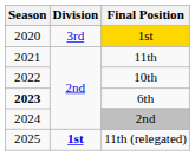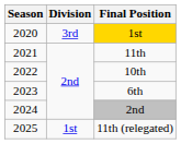 <table class="wikitable sortable">
 <tr>
 <th>Season</th>
 <th>Division</th>
 <th>Final Position</th>
 </tr>
 <tr>
 <td align=center>2020</td>
 <td align=center><a href='#'>3rd</a></td>
 <td align=center style="background:gold;">1st</td>
 </tr>
 <tr>
 <td align=center>2021</td>
 <td rowspan=4 align=center><a href='#'>2nd</a></td>
 <td align=center>11th</td>
 </tr>
 <tr>
 <td align=center>2022</td>
 <td align=center>10th</td>
 </tr>
 <tr>
-<td align=center><strong>2023</strong></td>
+<td align=center>2023</td>
 <td align=center>6th</td>
 </tr>
 <tr>
 <td align=center>2024</td>
 <td align=center style="background:silver;">2nd</td>
 </tr>
 <tr>
 <td align=center>2025</td>
-<td align=center><strong><a href='#'>1st</a></strong></td>
+<td align=center><a href='#'>1st</a></td>
 <td align=center>11th (relegated)</td>
 </tr>
 </table>
